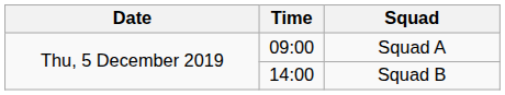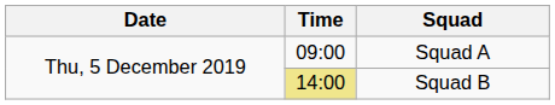 <table class = "wikitable" style="text-align:center;">
 <tr>
 <th width=220>Date</th>
 <th width=50>Time</th>
 <th width=150>Squad</th>
 </tr>
 <tr>
 <td rowspan=2>Thu, 5 December 2019</td>
 <td>09:00</td>
 <td>Squad A</td>
 </tr>
 <tr>
-<td>14:00</td>
+<td style="background: khaki;">14:00</td>
 <td>Squad B</td>
 </tr>
 </table>
